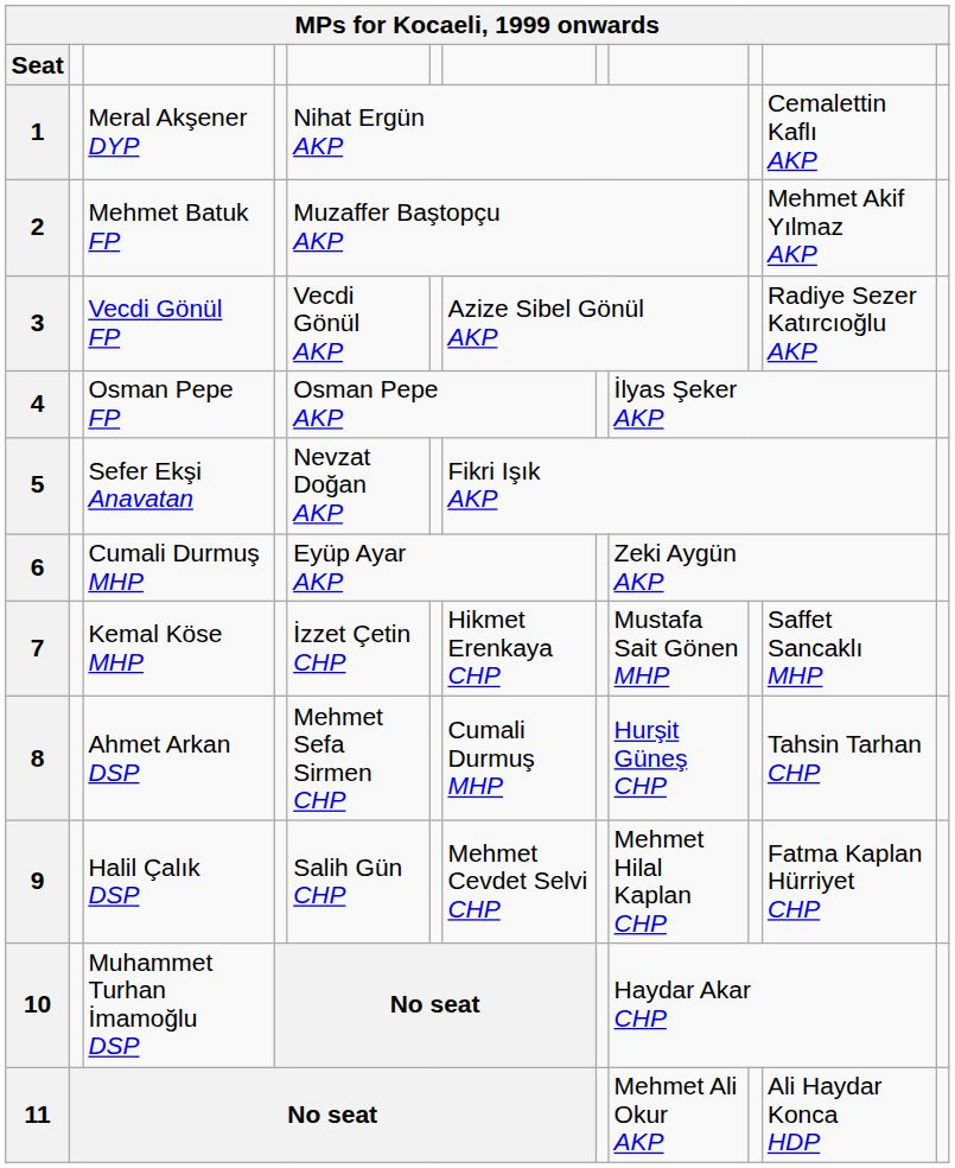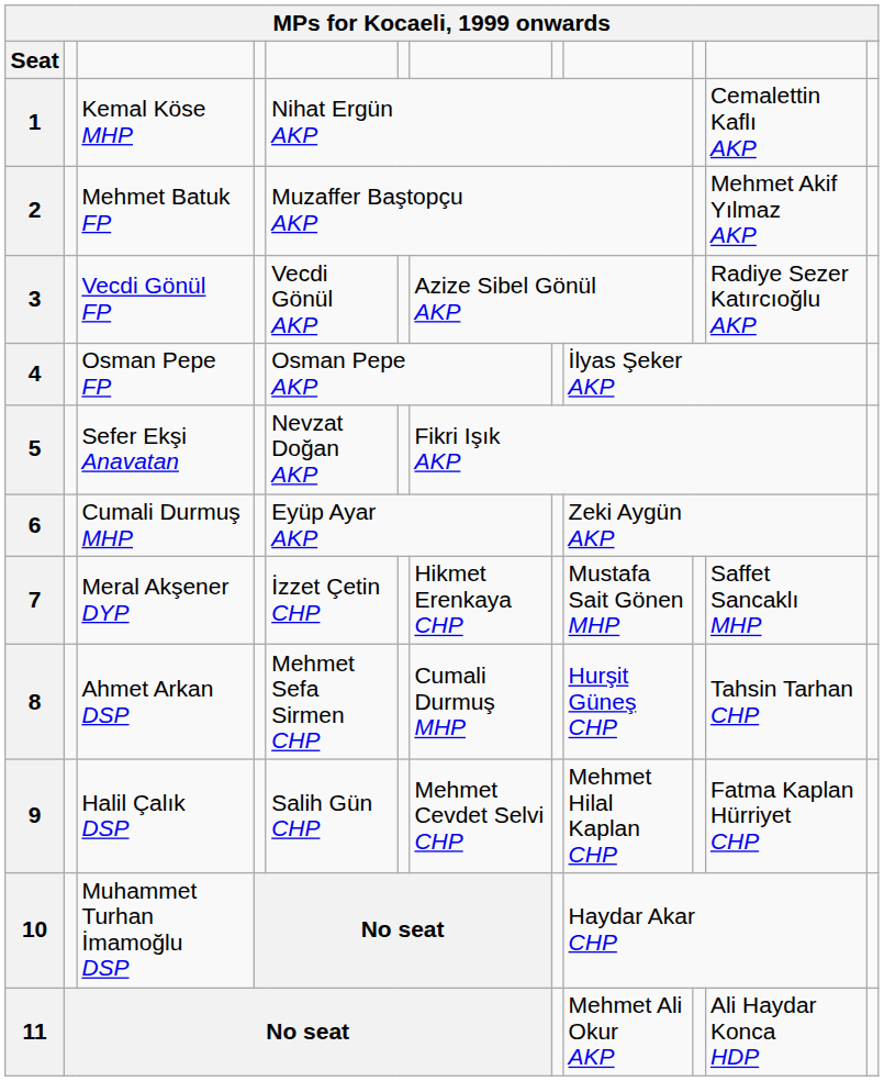 <table class="wikitable">
 <tr>
 <th colspan = 12>MPs for Kocaeli, 1999 onwards</th>
 </tr>
 <tr>
 <th rowspan = 2>Seat</th>
 <td rowspan="2" style="width:1px;"></td>
 <td rowspan = 2></td>
 <td rowspan="2" style="width:1px;"></td>
 <td rowspan = 2></td>
 <td rowspan="2" style="width:1px;"></td>
 <td rowspan = 2></td>
 <td rowspan="2" style="width:1px;"></td>
 <td rowspan = 2></td>
 <td rowspan="2" style="width:1px;"></td>
 <td rowspan = 2></td>
 </tr>
 <tr>
 <td></td>
 </tr>
 <tr>
 <th>1</th>
 <td width=1px style="background-color: "></td>
-<td colspan = 1>Meral Akşener<br><em><a href='#'>DYP</a></em></td>
+<td colspan = 1>Kemal Köse<br><em><a href='#'>MHP</a></em></td>
 <td width=1px style="background-color: "></td>
 <td colspan = 5>Nihat Ergün<br><em><a href='#'>AKP</a></em></td>
 <td width=1px style="background-color: "></td>
 <td colspan = 1>Cemalettin Kaflı<br><em><a href='#'>AKP</a></em></td>
 <td width=1px style="background-color: "></td>
 </tr>
 <tr>
 <th>2</th>
 <td width=1px style="background-color: "></td>
 <td colspan = 1>Mehmet Batuk<br><em><a href='#'>FP</a></em></td>
 <td width=1px style="background-color: "></td>
 <td colspan = 5>Muzaffer Baştopçu<br><em><a href='#'>AKP</a></em></td>
 <td width=1px style="background-color: "></td>
 <td colspan = 1>Mehmet Akif Yılmaz<br><em><a href='#'>AKP</a></em></td>
 <td width=1px style="background-color: "></td>
 </tr>
 <tr>
 <th>3</th>
 <td width=1px style="background-color: "></td>
 <td colspan = 1><a href='#'>Vecdi Gönül</a><br><em><a href='#'>FP</a></em></td>
 <td width=1px style="background-color: "></td>
 <td colspan = 1>Vecdi Gönül<br><em><a href='#'>AKP</a></em></td>
 <td width=1px style="background-color: "></td>
 <td colspan = 3>Azize Sibel Gönül<br><em><a href='#'>AKP</a></em></td>
 <td width=1px style="background-color: "></td>
 <td colspan = 1>Radiye Sezer Katırcıoğlu<br><em><a href='#'>AKP</a></em></td>
 <td width=1px style="background-color: "></td>
 </tr>
 <tr>
 <th>4</th>
 <td width=1px style="background-color: "></td>
 <td colspan = 1>Osman Pepe<br><em><a href='#'>FP</a></em></td>
 <td width=1px style="background-color: "></td>
 <td colspan = 3>Osman Pepe<br><em><a href='#'>AKP</a></em></td>
 <td width=1px style="background-color: "></td>
 <td colspan = 3>İlyas Şeker<br><em><a href='#'>AKP</a></em></td>
 <td width=1px style="background-color: "></td>
 </tr>
 <tr>
 <th>5</th>
 <td width=1px style="background-color: "></td>
 <td colspan = 1>Sefer Ekşi<br><em><a href='#'>Anavatan</a></em></td>
 <td width=1px style="background-color: "></td>
 <td colspan = 1>Nevzat Doğan<br><em><a href='#'>AKP</a></em></td>
 <td width=1px style="background-color: "></td>
 <td colspan = 5>Fikri Işık<br><em><a href='#'>AKP</a></em></td>
 <td width=1px style="background-color: "></td>
 </tr>
 <tr>
 <th>6</th>
 <td width=1px style="background-color: "></td>
 <td colspan = 1>Cumali Durmuş<br><em><a href='#'>MHP</a></em></td>
 <td width=1px style="background-color: "></td>
 <td colspan = 3>Eyüp Ayar<br><em><a href='#'>AKP</a></em></td>
 <td width=1px style="background-color: "></td>
 <td colspan = 3>Zeki Aygün<br><em><a href='#'>AKP</a></em></td>
 <td width=1px style="background-color: "></td>
 </tr>
 <tr>
 <th>7</th>
 <td width=1px style="background-color: "></td>
-<td colspan = 1>Kemal Köse<br><em><a href='#'>MHP</a></em></td>
+<td colspan = 1>Meral Akşener<br><em><a href='#'>DYP</a></em></td>
 <td width=1px style="background-color: "></td>
 <td colspan = 1>İzzet Çetin<br><em><a href='#'>CHP</a></em></td>
 <td width=1px style="background-color: "></td>
 <td colspan = 1>Hikmet Erenkaya<br><em><a href='#'>CHP</a></em></td>
 <td width=1px style="background-color: "></td>
 <td colspan = 1>Mustafa Sait Gönen<br><em><a href='#'>MHP</a></em></td>
 <td width=1px style="background-color: "></td>
 <td colspan = 1>Saffet Sancaklı<br><em><a href='#'>MHP</a></em></td>
 <td width=1px style="background-color: "></td>
 </tr>
 <tr>
 <th>8</th>
 <td width=1px style="background-color: "></td>
 <td colspan = 1>Ahmet Arkan<br><em><a href='#'>DSP</a></em></td>
 <td width=1px style="background-color: "></td>
 <td colspan = 1>Mehmet Sefa Sirmen<br><em><a href='#'>CHP</a></em></td>
 <td width=1px style="background-color: "></td>
 <td colspan = 1>Cumali Durmuş<br><em><a href='#'>MHP</a></em></td>
 <td width=1px style="background-color: "></td>
 <td colspan = 1><a href='#'>Hurşit Güneş</a><br><em><a href='#'>CHP</a></em></td>
 <td width=1px style="background-color: "></td>
 <td colspan = 1>Tahsin Tarhan<br><em><a href='#'>CHP</a></em></td>
 <td width=1px style="background-color: "></td>
 </tr>
 <tr>
 <th>9</th>
 <td width=1px style="background-color: "></td>
 <td colspan = 1>Halil Çalık<br><em><a href='#'>DSP</a></em></td>
 <td width=1px style="background-color: "></td>
 <td colspan = 1>Salih Gün<br><em><a href='#'>CHP</a></em></td>
 <td width=1px style="background-color: "></td>
 <td colspan = 1>Mehmet Cevdet Selvi<br><em><a href='#'>CHP</a></em></td>
 <td width=1px style="background-color: "></td>
 <td colspan = 1>Mehmet Hilal Kaplan <br><em><a href='#'>CHP</a></em></td>
 <td width=1px style="background-color: "></td>
 <td colspan = 1>Fatma Kaplan Hürriyet<br><em><a href='#'>CHP</a></em></td>
 <td width=1px style="background-color: "></td>
 </tr>
 <tr>
 <th>10</th>
 <td width=1px style="background-color: "></td>
 <td colspan = 1>Muhammet Turhan İmamoğlu<br><em><a href='#'>DSP</a></em></td>
 <th colspan = 4>No seat</th>
 <td width=1px style="background-color: "></td>
 <td colspan = 3>Haydar Akar <br><em><a href='#'>CHP</a></em></td>
 <td width=1px style="background-color: "></td>
 </tr>
 <tr>
 <th>11</th>
 <th colspan = 6>No seat</th>
 <td width=1px style="background-color: "></td>
 <td colspan = 1>Mehmet Ali Okur<br><em><a href='#'>AKP</a></em></td>
 <td width=1px style="background-color: "></td>
 <td colspan = 1>Ali Haydar Konca<br><em><a href='#'>HDP</a></em></td>
 <td width=1px style="background-color: "></td>
 </tr>
 </table>
